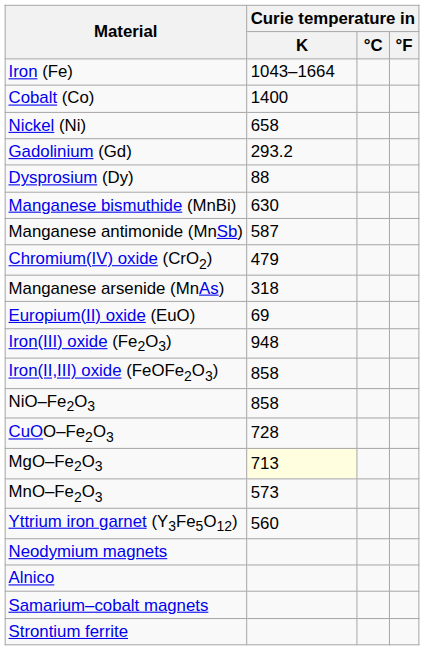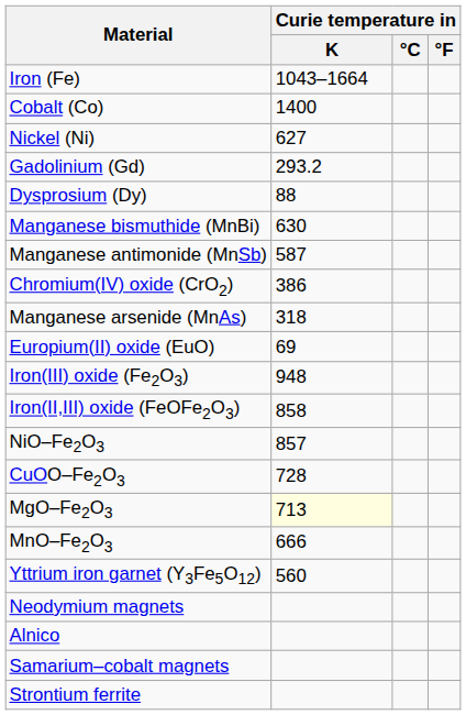 <table class="wikitable sortable" style="float:right; clear:right; margin-left:1em;">
 <tr>
 <th rowspan=2>Material</th>
 <th colspan=3>Curie temperature in</th>
 </tr>
 <tr>
 <th>K</th>
 <th>°C</th>
 <th>°F</th>
 </tr>
 <tr>
 <td><a href='#'>Iron</a> (Fe)</td>
 <td>1043–1664</td>
 <td></td>
 <td></td>
 </tr>
 <tr>
 <td><a href='#'>Cobalt</a> (Co)</td>
 <td>1400</td>
 <td></td>
 <td></td>
 </tr>
 <tr>
 <td><a href='#'>Nickel</a> (Ni)</td>
-<td>658</td>
+<td>627</td>
 <td></td>
 <td></td>
 </tr>
 <tr>
 <td><a href='#'>Gadolinium</a> (Gd)</td>
 <td>293.2</td>
 <td></td>
 <td></td>
 </tr>
 <tr>
 <td><a href='#'>Dysprosium</a> (Dy)</td>
 <td>88</td>
 <td></td>
 <td></td>
 </tr>
 <tr>
 <td><a href='#'>Manganese bismuthide</a> (MnBi)</td>
 <td>630</td>
 <td></td>
 <td></td>
 </tr>
 <tr>
 <td>Manganese antimonide (Mn<a href='#'>Sb</a>)</td>
 <td>587</td>
 <td></td>
 <td></td>
 </tr>
 <tr>
 <td><a href='#'>Chromium(IV) oxide</a> (CrO<sub>2</sub>)</td>
-<td>479</td>
+<td>386</td>
 <td></td>
 <td></td>
 </tr>
 <tr>
 <td>Manganese arsenide (Mn<a href='#'>As</a>)</td>
 <td>318</td>
 <td></td>
 <td></td>
 </tr>
 <tr>
 <td><a href='#'>Europium(II) oxide</a> (EuO)</td>
 <td>69</td>
 <td></td>
 <td></td>
 </tr>
 <tr>
 <td><a href='#'>Iron(III) oxide</a> (Fe<sub>2</sub>O<sub>3</sub>)</td>
 <td>948</td>
 <td></td>
 <td></td>
 </tr>
 <tr>
 <td><a href='#'>Iron(II,III) oxide</a> (FeOFe<sub>2</sub>O<sub>3</sub>)</td>
 <td>858</td>
 <td></td>
 <td></td>
 </tr>
 <tr>
 <td>NiO–Fe<sub>2</sub>O<sub>3</sub></td>
-<td>858</td>
+<td>857</td>
 <td></td>
 <td></td>
 </tr>
 <tr>
 <td><a href='#'>CuO</a>O–Fe<sub>2</sub>O<sub>3</sub></td>
 <td>728</td>
 <td></td>
 <td></td>
 </tr>
 <tr>
 <td>MgO–Fe<sub>2</sub>O<sub>3</sub></td>
 <td style="background: lightyellow;">713</td>
 <td></td>
 <td></td>
 </tr>
 <tr>
 <td>MnO–Fe<sub>2</sub>O<sub>3</sub></td>
-<td>573</td>
+<td>666</td>
 <td></td>
 <td></td>
 </tr>
 <tr>
 <td><a href='#'>Yttrium iron garnet</a> (Y<sub>3</sub>Fe<sub>5</sub>O<sub>12</sub>)</td>
 <td>560</td>
 <td></td>
 <td></td>
 </tr>
 <tr>
 <td><a href='#'>Neodymium magnets</a></td>
 <td></td>
 <td></td>
 <td></td>
 </tr>
 <tr>
 <td><a href='#'>Alnico</a></td>
 <td></td>
 <td></td>
 <td></td>
 </tr>
 <tr>
 <td><a href='#'>Samarium–cobalt magnets</a></td>
 <td></td>
 <td></td>
 <td></td>
 </tr>
 <tr>
 <td><a href='#'>Strontium ferrite</a></td>
 <td></td>
 <td></td>
 <td></td>
 </tr>
 </table>
